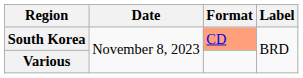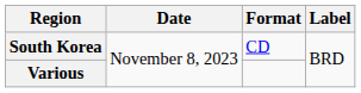 <table class="wikitable plainrowheaders">
 <tr>
 <th scope="col">Region</th>
 <th scope="col">Date</th>
 <th scope="col">Format</th>
 <th scope="col">Label</th>
 </tr>
 <tr>
 <th scope="row">South Korea</th>
 <td rowspan="2">November 8, 2023</td>
-<td style="background: lightsalmon;"><a href='#'>CD</a></td>
+<td><a href='#'>CD</a></td>
 <td rowspan="2">BRD</td>
 </tr>
 <tr>
 <th scope="row">Various</th>
 <td></td>
 </tr>
 </table>
